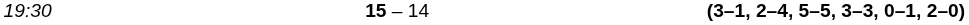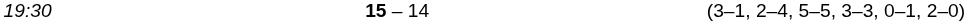 <table style="text-align:center">
 <tr>
 <th width=100></th>
 <th width=200></th>
 <th width=100></th>
 <th width=200></th>
 </tr>
 <tr>
 <td><em>19:30</em></td>
 <td align=right><strong></strong></td>
 <td><strong>15</strong> – 14</td>
 <td align=left></td>
-<td><strong>(3–1, 2–4, 5–5, 3–3, 0–1, 2–0)</strong></td>
+<td>(3–1, 2–4, 5–5, 3–3, 0–1, 2–0)</td>
 </tr>
 </table>
